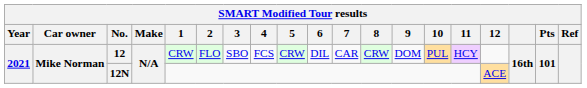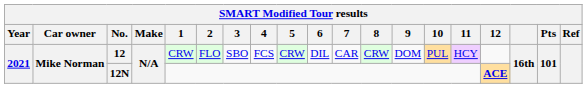 <table class="wikitable" style="text-align:center; font-size:75%">
 <tr>
 <th colspan=38><a href='#'>SMART Modified Tour</a> results</th>
 </tr>
 <tr>
 <th>Year</th>
 <th>Car owner</th>
 <th>No.</th>
 <th>Make</th>
 <th>1</th>
 <th>2</th>
 <th>3</th>
 <th>4</th>
 <th>5</th>
 <th>6</th>
 <th>7</th>
 <th>8</th>
 <th>9</th>
 <th>10</th>
 <th>11</th>
 <th>12</th>
 <th></th>
 <th>Pts</th>
 <th>Ref</th>
 </tr>
 <tr>
 <th rowspan=2><a href='#'>2021</a></th>
 <th rowspan=2>Mike Norman</th>
 <th>12</th>
 <th rowspan=2>N/A</th>
 <td style="background:#DFFFDF;"><a href='#'>CRW</a><br></td>
 <td style="background:#DFFFDF;"><a href='#'>FLO</a><br></td>
 <td><a href='#'>SBO</a></td>
 <td><a href='#'>FCS</a></td>
 <td style="background:#DFFFDF;"><a href='#'>CRW</a><br></td>
 <td><a href='#'>DIL</a></td>
 <td><a href='#'>CAR</a></td>
 <td style="background:#DFFFDF;"><a href='#'>CRW</a><br></td>
 <td><a href='#'>DOM</a></td>
 <td style="background:#FFDF9F;"><a href='#'>PUL</a><br></td>
 <td style="background:#EFCFFF;"><a href='#'>HCY</a><br></td>
 <td></td>
 <th rowspan=2>16th</th>
 <th rowspan=2>101</th>
 <th rowspan=2></th>
 </tr>
 <tr>
 <th>12N</th>
 <td colspan=11></td>
-<td style="background:#FFDF9F;"><a href='#'>ACE</a><br></td>
+<td style="background:#FFDF9F;"><strong><a href='#'>ACE</a><br></strong></td>
 </tr>
 </table>
